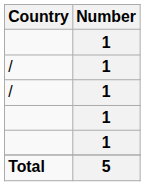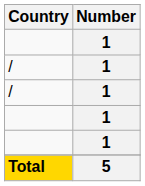 <table class="wikitable centre sortable">
 <tr>
 <th>Country</th>
 <th>Number</th>
 </tr>
 <tr>
 <td></td>
 <th>1</th>
 </tr>
 <tr>
 <td>/</td>
 <th>1</th>
 </tr>
 <tr>
 <td>/</td>
 <th>1</th>
 </tr>
 <tr>
 <td></td>
 <th>1</th>
 </tr>
 <tr>
 <td></td>
 <th>1</th>
 </tr>
 <tr>
 </tr>
 <tr class="sortbottom">
-<td><strong>Total</strong></td>
+<td style="background: gold;"><strong>Total</strong></td>
 <th>5</th>
 </tr>
 </table>
